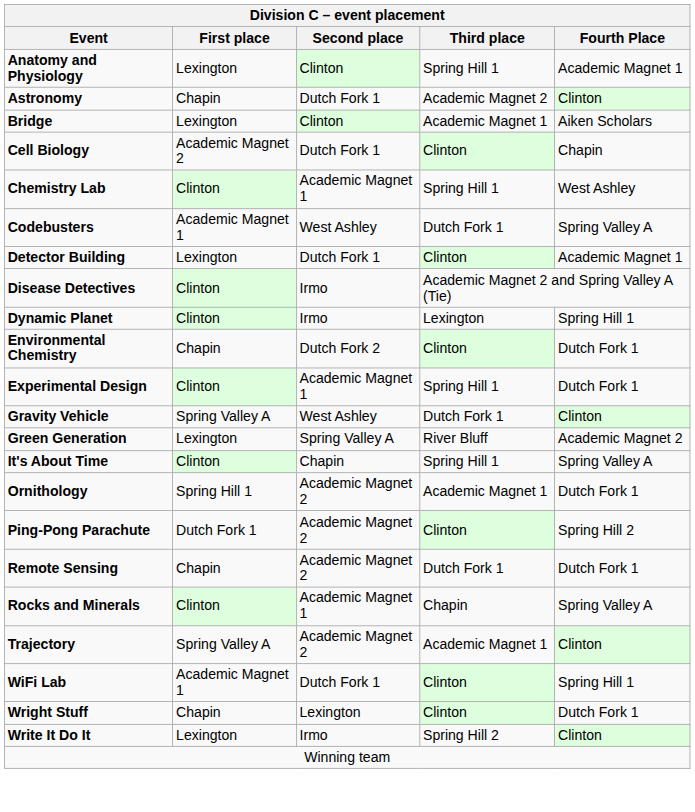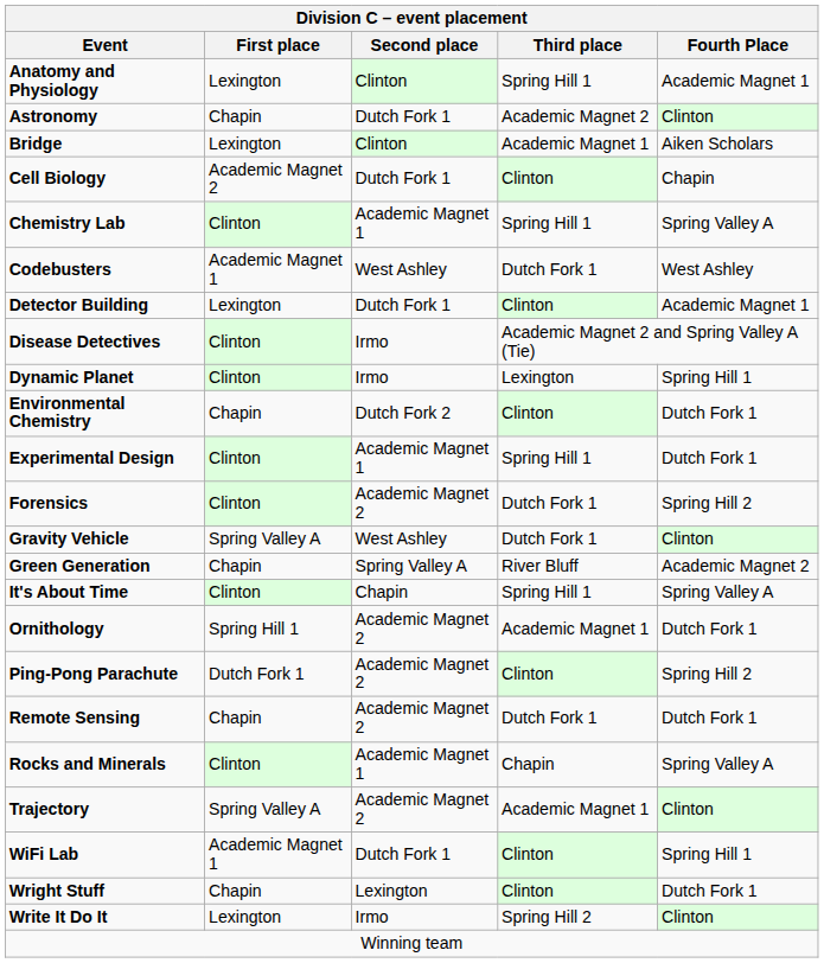 <table class="wikitable collapsible collapsed" style="float:left; width:780px">
 <tr>
 <th colspan=5>Division C – event placement</th>
 </tr>
 <tr>
 <th>Event</th>
 <th>First place</th>
 <th>Second place</th>
 <th>Third place</th>
 <th>Fourth Place</th>
 </tr>
 <tr>
 <td><strong>Anatomy and Physiology</strong></td>
 <td>Lexington</td>
 <td style="background:#ddffdd">Clinton</td>
 <td>Spring Hill 1</td>
 <td>Academic Magnet 1</td>
 </tr>
 <tr>
 <td><strong>Astronomy</strong></td>
 <td>Chapin</td>
 <td>Dutch Fork 1</td>
 <td>Academic Magnet 2</td>
 <td style="background:#ddffdd">Clinton</td>
 </tr>
 <tr>
 <td><strong>Bridge</strong></td>
 <td>Lexington</td>
 <td style="background:#ddffdd">Clinton</td>
 <td>Academic Magnet 1</td>
 <td>Aiken Scholars</td>
 </tr>
 <tr>
 <td><strong>Cell Biology</strong></td>
 <td>Academic Magnet 2</td>
 <td>Dutch Fork 1</td>
 <td style="background:#ddffdd">Clinton</td>
 <td>Chapin</td>
 </tr>
 <tr>
 <td><strong>Chemistry Lab</strong></td>
 <td style="background:#ddffdd">Clinton</td>
 <td>Academic Magnet 1</td>
 <td>Spring Hill 1</td>
-<td>West Ashley</td>
+<td>Spring Valley A</td>
 </tr>
 <tr>
 <td><strong>Codebusters</strong></td>
 <td>Academic Magnet 1</td>
 <td>West Ashley</td>
 <td>Dutch Fork 1</td>
-<td>Spring Valley A</td>
+<td>West Ashley</td>
 </tr>
 <tr>
 <td><strong>Detector Building</strong></td>
 <td>Lexington</td>
 <td>Dutch Fork 1</td>
 <td style="background:#ddffdd">Clinton</td>
 <td>Academic Magnet 1</td>
 </tr>
 <tr>
 <td><strong>Disease Detectives</strong></td>
 <td style="background:#ddffdd">Clinton</td>
 <td>Irmo</td>
 <td colspan=2>Academic Magnet 2 and Spring Valley A (Tie)</td>
 </tr>
 <tr>
 <td><strong>Dynamic Planet</strong></td>
 <td style="background:#ddffdd">Clinton</td>
 <td>Irmo</td>
 <td>Lexington</td>
 <td>Spring Hill 1</td>
 </tr>
 <tr>
 <td><strong>Environmental Chemistry</strong></td>
 <td>Chapin</td>
 <td>Dutch Fork 2</td>
 <td style="background:#ddffdd">Clinton</td>
 <td>Dutch Fork 1</td>
 </tr>
 <tr>
 <td><strong>Experimental Design</strong></td>
 <td style="background:#ddffdd">Clinton</td>
 <td>Academic Magnet 1</td>
 <td>Spring Hill 1</td>
 <td>Dutch Fork 1</td>
 </tr>
 <tr>
+<td><strong>Forensics</strong></td>
+<td style="background:#ddffdd">Clinton</td>
+<td>Academic Magnet 2</td>
+<td>Dutch Fork 1</td>
+<td>Spring Hill 2</td>
+</tr>
+<tr>
 <td><strong>Gravity Vehicle</strong></td>
 <td>Spring Valley A</td>
 <td>West Ashley</td>
 <td>Dutch Fork 1</td>
 <td style="background:#ddffdd">Clinton</td>
 </tr>
 <tr>
 <td><strong>Green Generation</strong></td>
-<td>Lexington</td>
+<td>Chapin</td>
 <td>Spring Valley A</td>
 <td>River Bluff</td>
 <td>Academic Magnet 2</td>
 </tr>
 <tr>
 <td><strong>It's About Time</strong></td>
 <td style="background:#ddffdd">Clinton</td>
 <td>Chapin</td>
 <td>Spring Hill 1</td>
 <td>Spring Valley A</td>
 </tr>
 <tr>
 <td><strong>Ornithology</strong></td>
 <td>Spring Hill 1</td>
 <td>Academic Magnet 2</td>
 <td>Academic Magnet 1</td>
 <td>Dutch Fork 1</td>
 </tr>
 <tr>
 <td><strong>Ping-Pong Parachute</strong></td>
 <td>Dutch Fork 1</td>
 <td>Academic Magnet 2</td>
 <td style="background:#ddffdd">Clinton</td>
 <td>Spring Hill 2</td>
 </tr>
 <tr>
 <td><strong>Remote Sensing</strong></td>
 <td>Chapin</td>
 <td>Academic Magnet 2</td>
 <td>Dutch Fork 1</td>
 <td>Dutch Fork 1</td>
 </tr>
 <tr>
 <td><strong>Rocks and Minerals</strong></td>
 <td style="background:#ddffdd">Clinton</td>
 <td>Academic Magnet 1</td>
 <td>Chapin</td>
 <td>Spring Valley A</td>
 </tr>
 <tr>
 <td><strong>Trajectory</strong></td>
 <td>Spring Valley A</td>
 <td>Academic Magnet 2</td>
 <td>Academic Magnet 1</td>
 <td style="background:#ddffdd">Clinton</td>
 </tr>
 <tr>
 <td><strong>WiFi Lab</strong></td>
 <td>Academic Magnet 1</td>
 <td>Dutch Fork 1</td>
 <td style="background:#ddffdd">Clinton</td>
 <td>Spring Hill 1</td>
 </tr>
 <tr>
 <td><strong>Wright Stuff</strong></td>
 <td>Chapin</td>
 <td>Lexington</td>
 <td style="background:#ddffdd">Clinton</td>
 <td>Dutch Fork 1</td>
 </tr>
 <tr>
 <td><strong>Write It Do It</strong></td>
 <td>Lexington</td>
 <td>Irmo</td>
 <td>Spring Hill 2</td>
 <td style="background:#ddffdd">Clinton</td>
 </tr>
 <tr>
 <td colspan=5 style=text-align:center> Winning team</td>
 </tr>
 </table>
